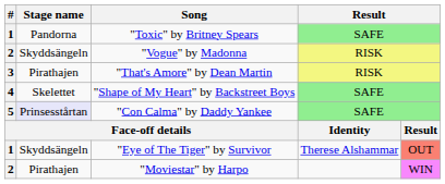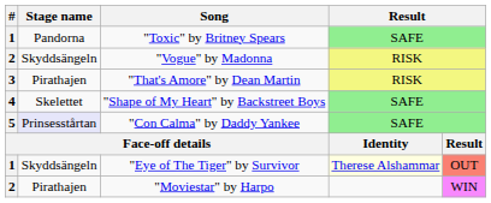 <table class="wikitable plainrowheaders" style="text-align: center;">
 <tr>
 <th>#</th>
 <th>Stage name</th>
 <th>Song</th>
 <th colspan=2>Result</th>
 </tr>
 <tr>
 <th>1</th>
 <td>Pandorna</td>
 <td>"<a href='#'>Toxic</a>" by <a href='#'>Britney Spears</a></td>
 <td colspan=2 bgcolor=lightgreen>SAFE</td>
 </tr>
 <tr>
 <th>2</th>
 <td>Skyddsängeln</td>
 <td>"<a href='#'>Vogue</a>" by <a href='#'>Madonna</a></td>
 <td colspan=2 bgcolor="#F3F781">RISK</td>
 </tr>
 <tr>
 <th>3</th>
 <td>Pirathajen</td>
 <td>"<a href='#'>That's Amore</a>" by <a href='#'>Dean Martin</a></td>
 <td colspan=2 bgcolor="F3F781">RISK</td>
 </tr>
 <tr>
 <th>4</th>
 <td>Skelettet</td>
 <td>"<a href='#'>Shape of My Heart</a>" by <a href='#'>Backstreet Boys</a></td>
 <td colspan=2 bgcolor=lightgreen>SAFE</td>
 </tr>
 <tr>
 <th>5</th>
 <td style="background: lavender;">Prinsesstårtan</td>
 <td>"<a href='#'>Con Calma</a>" by <a href='#'>Daddy Yankee</a></td>
 <td colspan=2 bgcolor=lightgreen>SAFE</td>
 </tr>
 <tr>
 <th colspan="3">Face-off details</th>
 <th>Identity</th>
 <th>Result</th>
 </tr>
 <tr>
 <th>1</th>
 <td>Skyddsängeln</td>
 <td>"<a href='#'>Eye of The Tiger</a>" by <a href='#'>Survivor</a></td>
-<td><a href='#'>Therese Alshammar</a></td>
+<td style="background: lightyellow;"><a href='#'>Therese Alshammar</a></td>
 <td bgcolor=salmon>OUT</td>
 </tr>
 <tr>
 <th>2</th>
 <td>Pirathajen</td>
 <td>"<a href='#'>Moviestar</a>" by <a href='#'>Harpo</a></td>
 <td></td>
 <td bgcolor="F888FD">WIN</td>
 </tr>
 </table>
